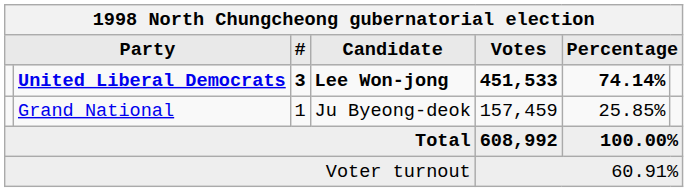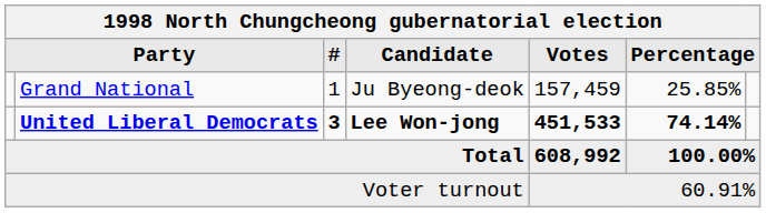 <table class="wikitable">
 <tr>
 <th colspan="7">1998 North Chungcheong gubernatorial election</th>
 </tr>
 <tr>
 <th style="background-color:#E9E9E9" colspan=2>Party</th>
 <th style="background-color:#E9E9E9">#</th>
 <th style="background-color:#E9E9E9">Candidate</th>
 <th style="background-color:#E9E9E9">Votes</th>
 <th style="background-color:#E9E9E9" colspan=2>Percentage</th>
 </tr>
+<tr>
+<td></td>
+<td align=left><a href='#'>Grand National</a></td>
+<td align=center>1</td>
+<td align=left>Ju Byeong-deok</td>
+<td align=right>157,459</td>
+<td align=right>25.85%</td>
+<td align=right></td>
+</tr>
 <tr style="font-weight:bold">
 <td></td>
 <td align=left><a href='#'>United Liberal Democrats</a></td>
 <td align=center>3</td>
 <td align=left>Lee Won-jong</td>
 <td align=right>451,533</td>
 <td align=right>74.14%</td>
-<td align=right></td>
-</tr>
-<tr>
-<td></td>
-<td align=left><a href='#'>Grand National</a></td>
-<td align=center>1</td>
-<td align=left>Ju Byeong-deok</td>
-<td align=right>157,459</td>
-<td align=right>25.85%</td>
 <td align=right></td>
 </tr>
 <tr bgcolor="#EEEEEE" style="font-weight:bold">
 <td colspan="4" align=right>Total</td>
 <td align=right>608,992</td>
 <td align=right colspan=2>100.00%</td>
 </tr>
 <tr bgcolor="#EEEEEE">
 <td colspan="4" align="right">Voter turnout</td>
 <td colspan="3" align="right">60.91%</td>
 </tr>
 </table>
